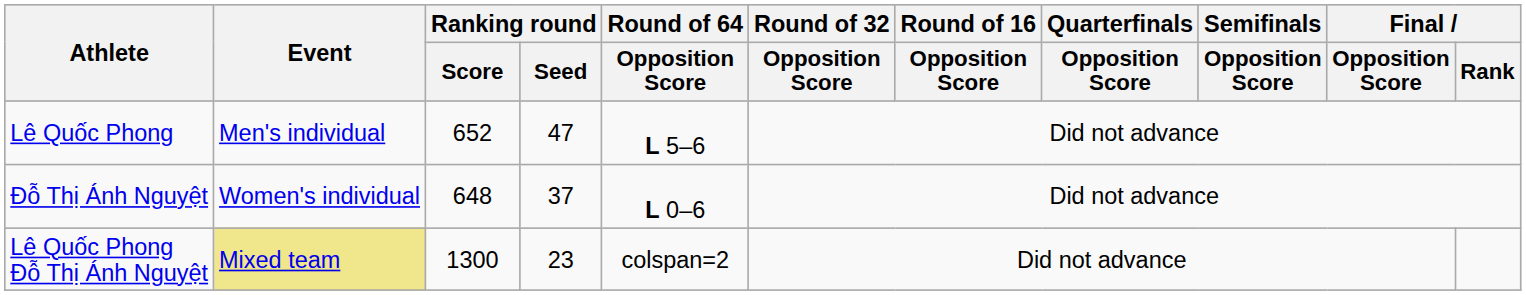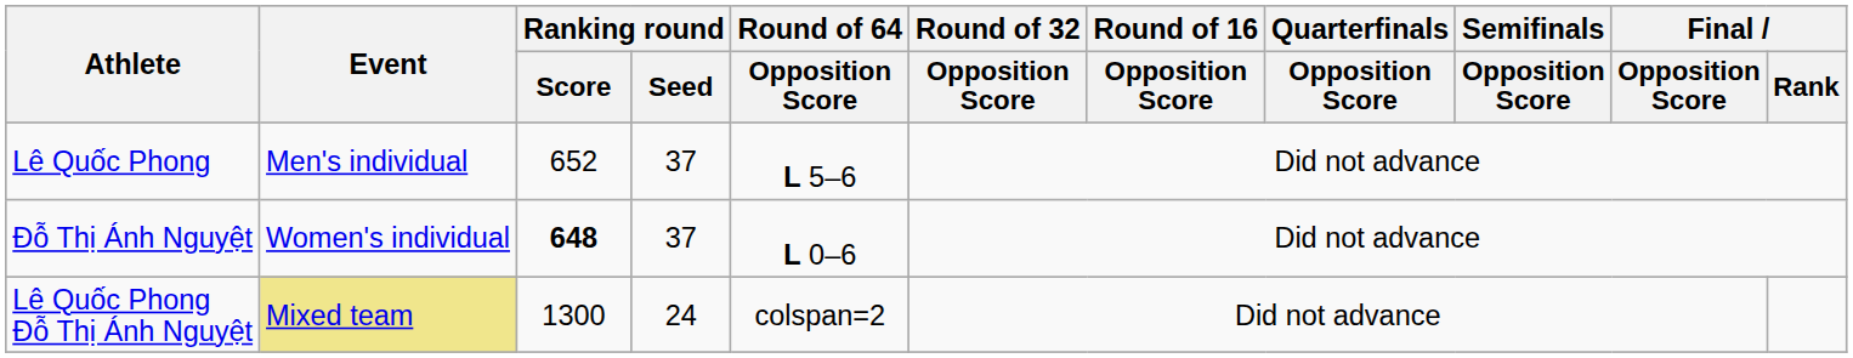 <table class="wikitable" style="font-size:90%; text-align:center">
 <tr>
 <th rowspan=2>Athlete</th>
 <th rowspan=2>Event</th>
 <th colspan="2">Ranking round</th>
 <th>Round of 64</th>
 <th>Round of 32</th>
 <th>Round of 16</th>
 <th>Quarterfinals</th>
 <th>Semifinals</th>
 <th colspan="2">Final / </th>
 </tr>
 <tr style="font-size:95%">
 <th>Score</th>
 <th>Seed</th>
 <th>Opposition<br>Score</th>
 <th>Opposition<br>Score</th>
 <th>Opposition<br>Score</th>
 <th>Opposition<br>Score</th>
 <th>Opposition<br>Score</th>
 <th>Opposition<br>Score</th>
 <th>Rank</th>
 </tr>
 <tr align=center>
 <td align=left><a href='#'>Lê Quốc Phong</a></td>
 <td align=left><a href='#'>Men's individual</a></td>
 <td>652</td>
-<td>47</td>
+<td>37</td>
 <td><br><strong>L</strong> 5–6</td>
 <td colspan=6>Did not advance</td>
 </tr>
 <tr align=center>
 <td align=left><a href='#'>Đỗ Thị Ánh Nguyệt</a></td>
 <td align=left><a href='#'>Women's individual</a></td>
-<td>648</td>
+<td><strong>648</strong></td>
 <td>37</td>
 <td><br><strong>L</strong> 0–6</td>
 <td colspan=6>Did not advance</td>
 </tr>
 <tr align=center>
 <td align=left><a href='#'>Lê Quốc Phong</a><br><a href='#'>Đỗ Thị Ánh Nguyệt</a></td>
 <td align=left style="background: khaki;"><a href='#'>Mixed team</a></td>
 <td>1300</td>
-<td>23</td>
+<td>24</td>
 <td>colspan=2 </td>
 <td colspan=5>Did not advance</td>
 </tr>
 </table>
